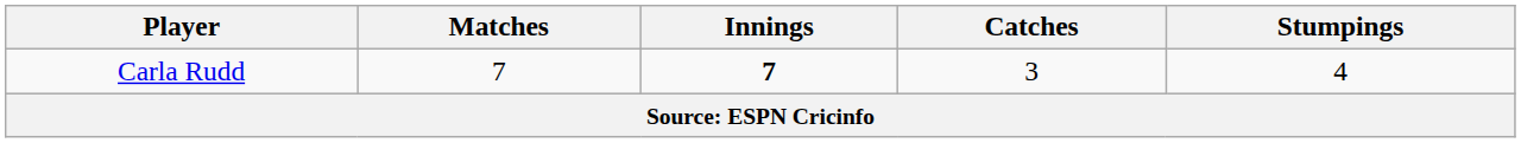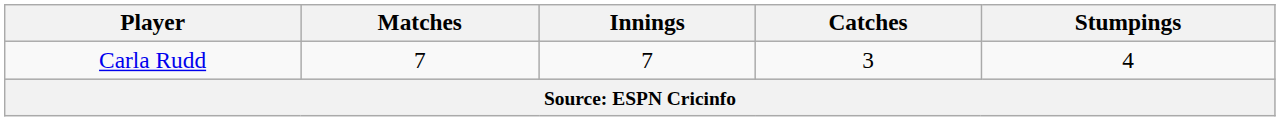 <table class="wikitable" style="text-align:center; width:55%;">
 <tr>
 <th>Player</th>
 <th>Matches</th>
 <th>Innings</th>
 <th>Catches</th>
 <th>Stumpings</th>
 </tr>
 <tr>
 <td><a href='#'>Carla Rudd</a></td>
 <td>7</td>
-<td><strong>7</strong></td>
+<td>7</td>
 <td>3</td>
 <td>4</td>
 </tr>
 <tr>
 <th colspan="5"><small>Source: ESPN Cricinfo </small></th>
 </tr>
 </table>
